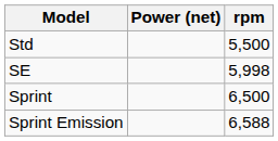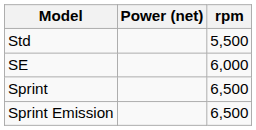 <table class="wikitable" style="display: inline-table;">
 <tr>
 <th>Model</th>
 <th>Power (net)</th>
 <th>rpm</th>
 </tr>
 <tr>
 <td>Std</td>
 <td></td>
 <td>5,500</td>
 </tr>
 <tr>
 <td>SE</td>
 <td></td>
-<td>5,998</td>
+<td>6,000</td>
 </tr>
 <tr>
 <td>Sprint</td>
 <td></td>
 <td>6,500</td>
 </tr>
 <tr>
 <td>Sprint Emission</td>
 <td></td>
-<td>6,588</td>
+<td>6,500</td>
 </tr>
 </table>
